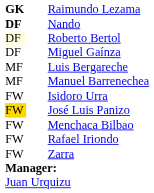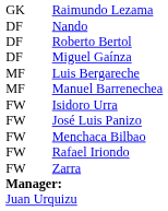 <table cellspacing="0" cellpadding="0" style="font-size:90%; margin:0.2em auto;">
 <tr>
 <th width="25"></th>
 <th width="25"></th>
 </tr>
 <tr>
-<td><strong>GK</strong></td>
+<td>GK</td>
 <td><strong> </strong></td>
 <td> <a href='#'>Raimundo Lezama</a></td>
 </tr>
 <tr>
-<td><strong>DF</strong></td>
+<td>DF</td>
 <td><strong> </strong></td>
 <td> <a href='#'>Nando</a></td>
 </tr>
 <tr>
-<td style="background: lightyellow;">DF</td>
+<td>DF</td>
 <td><strong> </strong></td>
 <td> <a href='#'>Roberto Bertol</a></td>
 </tr>
 <tr>
 <td>DF</td>
 <td><strong> </strong></td>
 <td> <a href='#'>Miguel Gaínza</a></td>
 </tr>
 <tr>
 <td>MF</td>
 <td><strong> </strong></td>
 <td> <a href='#'>Luis Bergareche</a></td>
 </tr>
 <tr>
 <td>MF</td>
 <td><strong> </strong></td>
 <td> <a href='#'>Manuel Barrenechea</a></td>
 </tr>
 <tr>
 <td>FW</td>
 <td><strong> </strong></td>
 <td> <a href='#'>Isidoro Urra</a></td>
 </tr>
 <tr>
-<td style="background: gold;">FW</td>
+<td>FW</td>
 <td><strong> </strong></td>
 <td> <a href='#'>José Luis Panizo</a></td>
 </tr>
 <tr>
 <td>FW</td>
 <td><strong> </strong></td>
 <td> <a href='#'>Menchaca Bilbao</a></td>
 </tr>
 <tr>
 <td>FW</td>
 <td><strong> </strong></td>
 <td> <a href='#'>Rafael Iriondo</a></td>
 </tr>
 <tr>
 <td>FW</td>
 <td><strong> </strong></td>
 <td> <a href='#'>Zarra</a></td>
 </tr>
 <tr>
 <td colspan=3><strong>Manager:</strong></td>
 </tr>
 <tr>
 <td colspan=4> <a href='#'>Juan Urquizu</a></td>
 </tr>
 </table>
